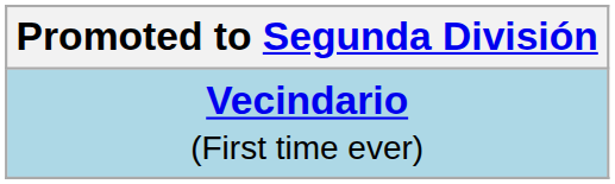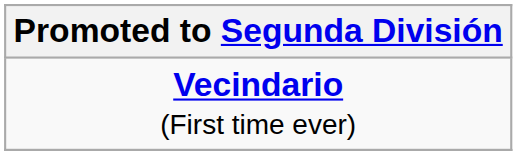 <table class="wikitable" style="text-align: center; margin: 0 auto;">
 <tr>
 <th colspan="2">Promoted to <a href='#'>Segunda División</a></th>
 </tr>
 <tr>
-<td style="background: lightblue;"><strong><a href='#'>Vecindario</a></strong><br><small>(First time ever)</small></td>
+<td><strong><a href='#'>Vecindario</a></strong><br><small>(First time ever)</small></td>
 </tr>
 <tr>
 </tr>
 </table>
